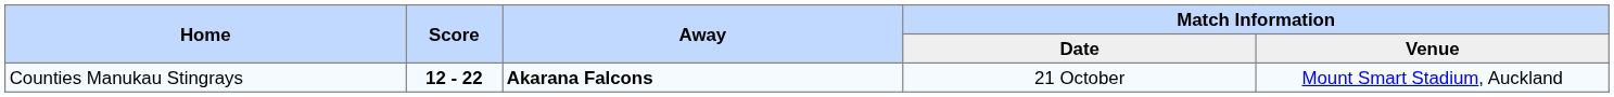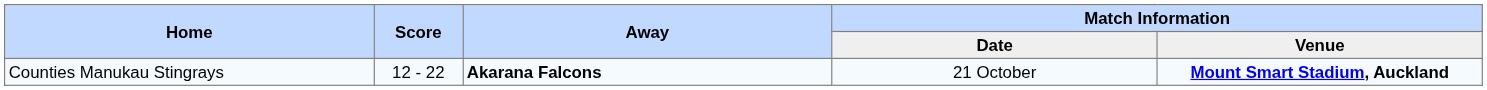 <table border=1 style="border-collapse:collapse; font-size:90%; text-align:center;" cellpadding=3 cellspacing=0 width=100%>
 <tr bgcolor=#C1D8FF>
 <th rowspan=2 width=25%>Home</th>
 <th rowspan=2 width=6%>Score</th>
 <th rowspan=2 width=25%>Away</th>
 <th colspan=6>Match Information</th>
 </tr>
 <tr bgcolor=#EFEFEF>
 <th width=22%>Date</th>
 <th width=22%>Venue</th>
 </tr>
 <tr bgcolor=#F5FAFF>
 <td align=left>Counties Manukau Stingrays</td>
-<td><strong>12 - 22</strong></td>
+<td>12 - 22</td>
 <td align=left><strong>Akarana Falcons</strong></td>
 <td>21 October</td>
-<td><a href='#'>Mount Smart Stadium</a>, Auckland</td>
+<td><strong><a href='#'>Mount Smart Stadium</a>, Auckland</strong></td>
 </tr>
 </table>
